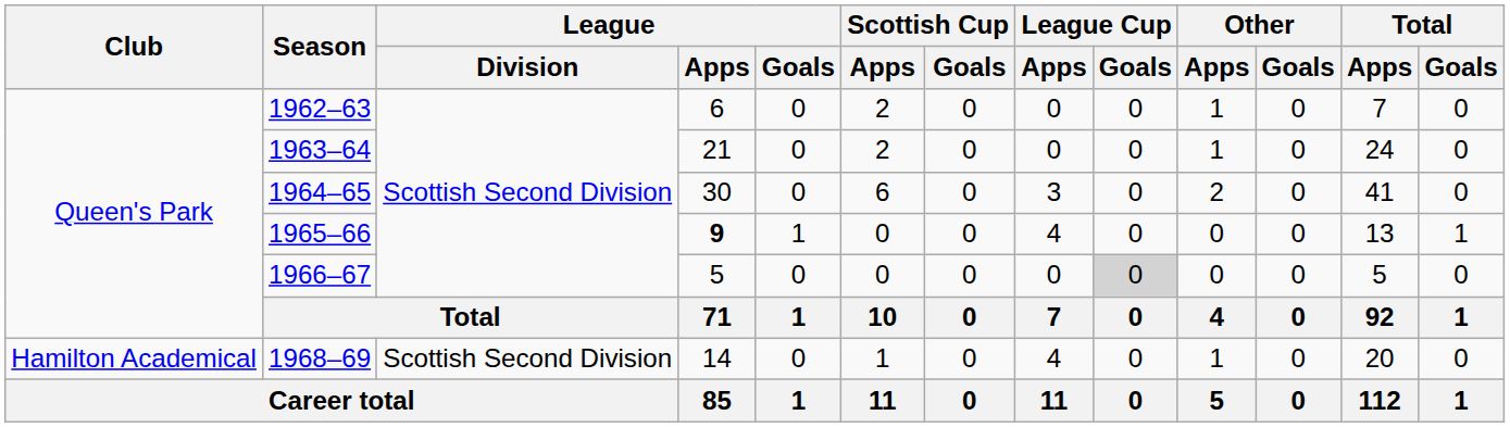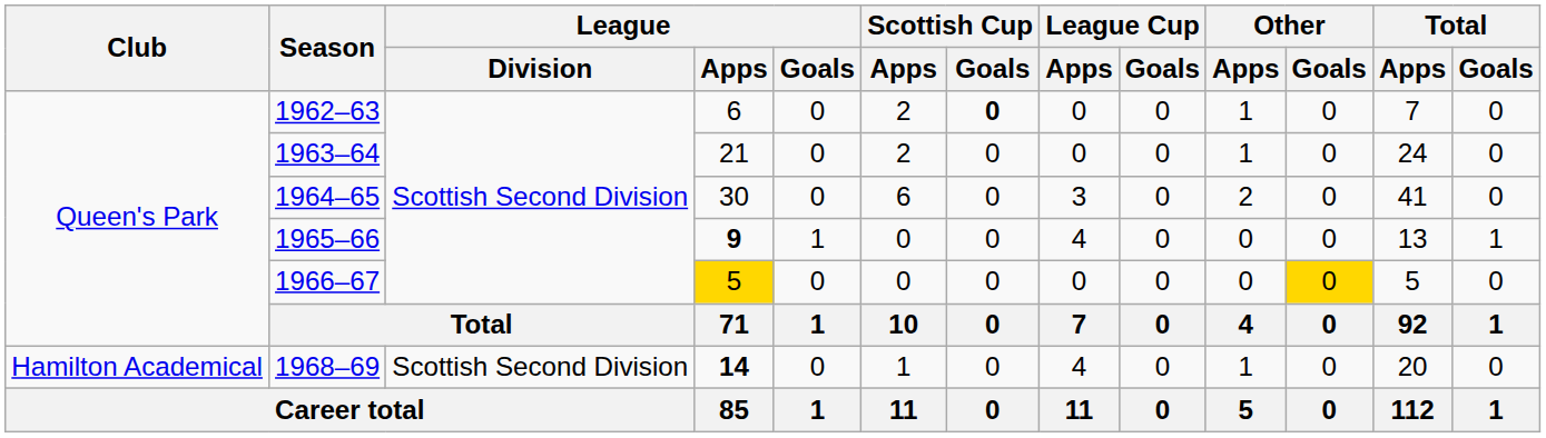 <table class="wikitable" style="text-align: center;">
 <tr>
 <th rowspan="2">Club</th>
 <th rowspan="2">Season</th>
 <th colspan="3">League</th>
 <th colspan="2">Scottish Cup</th>
 <th colspan="2">League Cup</th>
 <th colspan="2">Other</th>
 <th colspan="2">Total</th>
 </tr>
 <tr>
 <th>Division</th>
 <th>Apps</th>
 <th>Goals</th>
 <th>Apps</th>
 <th>Goals</th>
 <th>Apps</th>
 <th>Goals</th>
 <th>Apps</th>
 <th>Goals</th>
 <th>Apps</th>
 <th>Goals</th>
 </tr>
 <tr>
 <td rowspan="6"><a href='#'>Queen's Park</a></td>
 <td><a href='#'>1962–63</a></td>
 <td rowspan="5"><a href='#'>Scottish Second Division</a></td>
 <td>6</td>
 <td>0</td>
 <td>2</td>
-<td>0</td>
+<td><strong>0</strong></td>
 <td>0</td>
 <td>0</td>
 <td>1</td>
 <td>0</td>
 <td>7</td>
 <td>0</td>
 </tr>
 <tr>
 <td><a href='#'>1963–64</a></td>
 <td>21</td>
 <td>0</td>
 <td>2</td>
 <td>0</td>
 <td>0</td>
 <td>0</td>
 <td>1</td>
 <td>0</td>
 <td>24</td>
 <td>0</td>
 </tr>
 <tr>
 <td><a href='#'>1964–65</a></td>
 <td>30</td>
 <td>0</td>
 <td>6</td>
 <td>0</td>
 <td>3</td>
 <td>0</td>
 <td>2</td>
 <td>0</td>
 <td>41</td>
 <td>0</td>
 </tr>
 <tr>
 <td><a href='#'>1965–66</a></td>
 <td><strong>9</strong></td>
 <td>1</td>
 <td>0</td>
 <td>0</td>
 <td>4</td>
 <td>0</td>
 <td>0</td>
 <td>0</td>
 <td>13</td>
 <td>1</td>
 </tr>
 <tr>
 <td><a href='#'>1966–67</a></td>
-<td>5</td>
+<td style="background: gold;">5</td>
 <td>0</td>
 <td>0</td>
 <td>0</td>
 <td>0</td>
-<td style="background: lightgrey;">0</td>
 <td>0</td>
 <td>0</td>
+<td style="background: gold;">0</td>
 <td>5</td>
 <td>0</td>
 </tr>
 <tr>
 <th colspan="2">Total</th>
 <th>71</th>
 <th>1</th>
 <th>10</th>
 <th>0</th>
 <th>7</th>
 <th>0</th>
 <th>4</th>
 <th>0</th>
 <th>92</th>
 <th>1</th>
 </tr>
 <tr>
 <td><a href='#'>Hamilton Academical</a></td>
 <td><a href='#'>1968–69</a></td>
 <td>Scottish Second Division</td>
-<td>14</td>
+<td><strong>14</strong></td>
 <td>0</td>
 <td>1</td>
 <td>0</td>
 <td>4</td>
 <td>0</td>
 <td>1</td>
 <td>0</td>
 <td>20</td>
 <td>0</td>
 </tr>
 <tr>
 <th colspan="3">Career total</th>
 <th>85</th>
 <th>1</th>
 <th>11</th>
 <th>0</th>
 <th>11</th>
 <th>0</th>
 <th>5</th>
 <th>0</th>
 <th>112</th>
 <th>1</th>
 </tr>
 </table>
